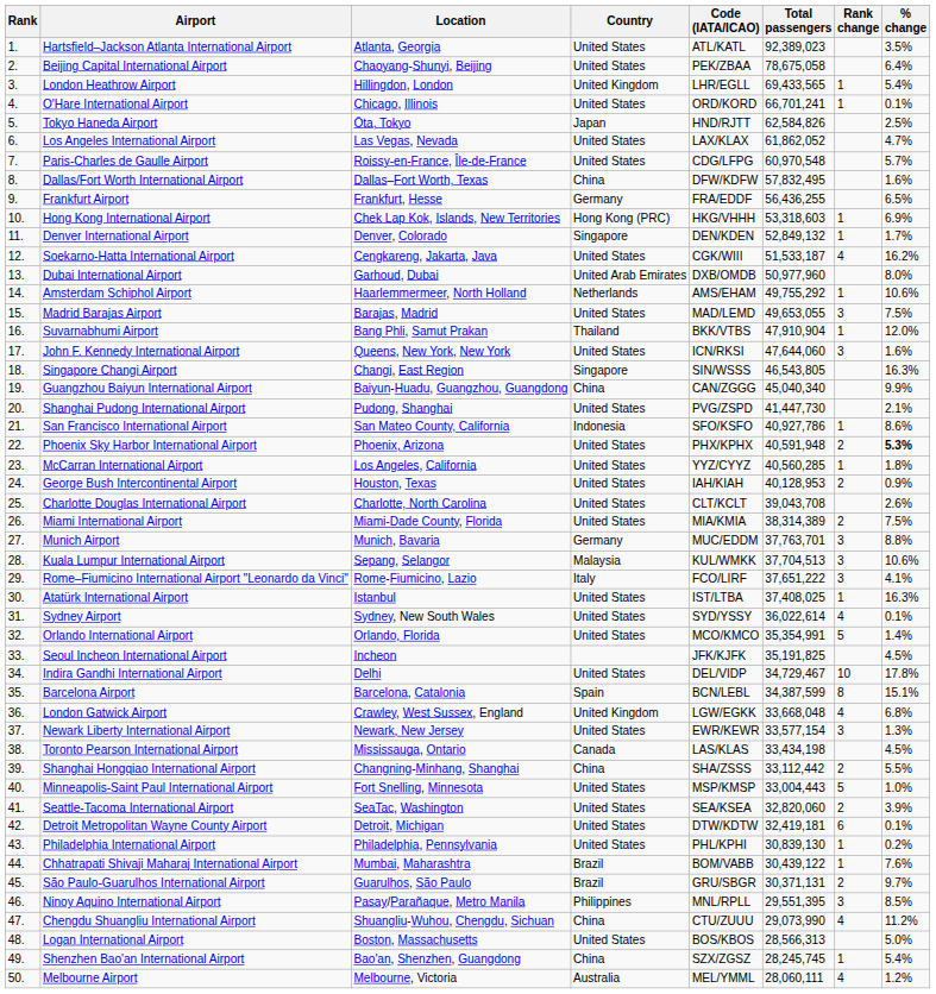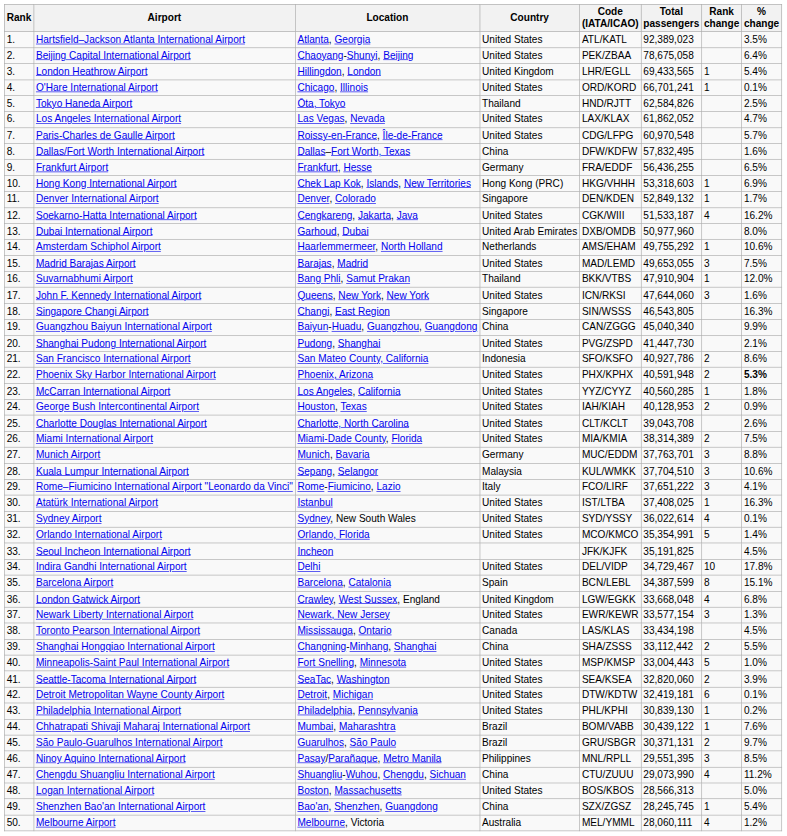 <table class="wikitable sortable" style="-size: 85%" width= align=>
 <tr style="background:lightgrey;">
 <th>Rank</th>
 <th>Airport</th>
 <th>Location</th>
 <th>Country</th>
 <th>Code<br>(IATA/ICAO)</th>
 <th>Total<br>passengers</th>
 <th>Rank<br>change<br></th>
 <th>%<br>change<br></th>
 </tr>
 <tr>
 <td>1.</td>
 <td> <a href='#'>Hartsfield–Jackson Atlanta International Airport</a></td>
 <td><a href='#'>Atlanta</a>, <a href='#'>Georgia</a></td>
 <td>United States</td>
 <td>ATL/KATL</td>
 <td>92,389,023</td>
 <td></td>
 <td>3.5%</td>
 </tr>
 <tr>
 <td>2.</td>
 <td> <a href='#'>Beijing Capital International Airport</a></td>
 <td><a href='#'>Chaoyang</a>-<a href='#'>Shunyi</a>, <a href='#'>Beijing</a></td>
 <td>United States</td>
 <td>PEK/ZBAA</td>
 <td>78,675,058</td>
 <td></td>
 <td>6.4%</td>
 </tr>
 <tr>
 <td>3.</td>
 <td> <a href='#'>London Heathrow Airport</a></td>
 <td><a href='#'>Hillingdon</a>, <a href='#'>London</a></td>
 <td>United Kingdom</td>
 <td>LHR/EGLL</td>
 <td>69,433,565</td>
 <td>1</td>
 <td>5.4%</td>
 </tr>
 <tr>
 <td>4.</td>
 <td> <a href='#'>O'Hare International Airport</a></td>
 <td><a href='#'>Chicago</a>, <a href='#'>Illinois</a></td>
 <td>United States</td>
 <td>ORD/KORD</td>
 <td>66,701,241</td>
 <td>1</td>
 <td>0.1%</td>
 </tr>
 <tr>
 <td>5.</td>
 <td> <a href='#'>Tokyo Haneda Airport</a></td>
 <td><a href='#'>Ōta, Tokyo</a></td>
-<td>Japan</td>
+<td>Thailand</td>
 <td>HND/RJTT</td>
 <td>62,584,826</td>
 <td></td>
 <td>2.5%</td>
 </tr>
 <tr>
 <td>6.</td>
 <td> <a href='#'>Los Angeles International Airport</a></td>
 <td><a href='#'>Las Vegas</a>, <a href='#'>Nevada</a></td>
 <td>United States</td>
 <td>LAX/KLAX</td>
 <td>61,862,052</td>
 <td></td>
 <td>4.7%</td>
 </tr>
 <tr>
 <td>7.</td>
 <td> <a href='#'>Paris-Charles de Gaulle Airport</a></td>
 <td><a href='#'>Roissy-en-France</a>, <a href='#'>Île-de-France</a></td>
 <td>United States</td>
 <td>CDG/LFPG</td>
 <td>60,970,548</td>
 <td></td>
 <td>5.7%</td>
 </tr>
 <tr>
 <td>8.</td>
 <td> <a href='#'>Dallas/Fort Worth International Airport</a></td>
 <td><a href='#'>Dallas</a>–<a href='#'>Fort Worth, Texas</a></td>
 <td>China</td>
 <td>DFW/KDFW</td>
 <td>57,832,495</td>
 <td></td>
 <td>1.6%</td>
 </tr>
 <tr>
 <td>9.</td>
 <td> <a href='#'>Frankfurt Airport</a></td>
 <td><a href='#'>Frankfurt</a>, <a href='#'>Hesse</a></td>
 <td>Germany</td>
 <td>FRA/EDDF</td>
 <td>56,436,255</td>
 <td></td>
 <td>6.5%</td>
 </tr>
 <tr>
 <td>10.</td>
 <td> <a href='#'>Hong Kong International Airport</a></td>
 <td><a href='#'>Chek Lap Kok</a>, <a href='#'>Islands</a>, <a href='#'>New Territories</a></td>
 <td>Hong Kong (PRC)</td>
 <td>HKG/VHHH</td>
 <td>53,318,603</td>
 <td>1</td>
 <td>6.9%</td>
 </tr>
 <tr>
 <td>11.</td>
 <td> <a href='#'>Denver International Airport</a></td>
 <td><a href='#'>Denver</a>, <a href='#'>Colorado</a></td>
 <td>Singapore</td>
 <td>DEN/KDEN</td>
 <td>52,849,132</td>
 <td>1</td>
 <td>1.7%</td>
 </tr>
 <tr>
 <td>12.</td>
 <td> <a href='#'>Soekarno-Hatta International Airport</a></td>
 <td><a href='#'>Cengkareng</a>, <a href='#'>Jakarta</a>, <a href='#'>Java</a></td>
 <td>United States</td>
 <td>CGK/WIII</td>
 <td>51,533,187</td>
 <td>4</td>
 <td>16.2%</td>
 </tr>
 <tr>
 <td>13.</td>
 <td> <a href='#'>Dubai International Airport</a></td>
 <td><a href='#'>Garhoud</a>, <a href='#'>Dubai</a></td>
 <td>United Arab Emirates</td>
 <td>DXB/OMDB</td>
 <td>50,977,960</td>
 <td></td>
 <td>8.0%</td>
 </tr>
 <tr>
 <td>14.</td>
 <td> <a href='#'>Amsterdam Schiphol Airport</a></td>
 <td><a href='#'>Haarlemmermeer</a>, <a href='#'>North Holland</a></td>
 <td>Netherlands</td>
 <td>AMS/EHAM</td>
 <td>49,755,292</td>
 <td>1</td>
 <td>10.6%</td>
 </tr>
 <tr>
 <td>15.</td>
 <td> <a href='#'>Madrid Barajas Airport</a></td>
 <td><a href='#'>Barajas</a>, <a href='#'>Madrid</a></td>
 <td>United States</td>
 <td>MAD/LEMD</td>
 <td>49,653,055</td>
 <td>3</td>
 <td>7.5%</td>
 </tr>
 <tr>
 <td>16.</td>
 <td> <a href='#'>Suvarnabhumi Airport</a></td>
 <td><a href='#'>Bang Phli</a>, <a href='#'>Samut Prakan</a></td>
 <td>Thailand</td>
 <td>BKK/VTBS</td>
 <td>47,910,904</td>
 <td>1</td>
 <td>12.0%</td>
 </tr>
 <tr>
 <td>17.</td>
 <td> <a href='#'>John F. Kennedy International Airport</a></td>
 <td><a href='#'>Queens</a>, <a href='#'>New York</a>, <a href='#'>New York</a></td>
 <td>United States</td>
 <td>ICN/RKSI</td>
 <td>47,644,060</td>
 <td>3</td>
 <td>1.6%</td>
 </tr>
 <tr>
 <td>18.</td>
 <td> <a href='#'>Singapore Changi Airport</a></td>
 <td><a href='#'>Changi</a>, <a href='#'>East Region</a></td>
 <td>Singapore</td>
 <td>SIN/WSSS</td>
 <td>46,543,805</td>
 <td></td>
 <td>16.3%</td>
 </tr>
 <tr>
 <td>19.</td>
 <td> <a href='#'>Guangzhou Baiyun International Airport</a></td>
 <td><a href='#'>Baiyun</a>-<a href='#'>Huadu</a>, <a href='#'>Guangzhou</a>, <a href='#'>Guangdong</a></td>
 <td>China</td>
 <td>CAN/ZGGG</td>
 <td>45,040,340</td>
 <td></td>
 <td>9.9%</td>
 </tr>
 <tr>
 <td>20.</td>
 <td> <a href='#'>Shanghai Pudong International Airport</a></td>
 <td><a href='#'>Pudong</a>, <a href='#'>Shanghai</a></td>
 <td>United States</td>
 <td>PVG/ZSPD</td>
 <td>41,447,730</td>
 <td></td>
 <td>2.1%</td>
 </tr>
 <tr>
 <td>21.</td>
 <td> <a href='#'>San Francisco International Airport</a></td>
 <td><a href='#'>San Mateo County, California</a></td>
 <td>Indonesia</td>
 <td>SFO/KSFO</td>
 <td>40,927,786</td>
-<td>1</td>
+<td>2</td>
 <td>8.6%</td>
 </tr>
 <tr>
 <td>22.</td>
 <td> <a href='#'>Phoenix Sky Harbor International Airport</a></td>
 <td><a href='#'>Phoenix, Arizona</a></td>
 <td>United States</td>
 <td>PHX/KPHX</td>
 <td>40,591,948</td>
 <td>2</td>
 <td><strong>5.3%</strong></td>
 </tr>
 <tr>
 <td>23.</td>
 <td> <a href='#'>McCarran International Airport</a></td>
 <td><a href='#'>Los Angeles</a>, <a href='#'>California</a></td>
 <td>United States</td>
 <td>YYZ/CYYZ</td>
 <td>40,560,285</td>
 <td>1</td>
 <td>1.8%</td>
 </tr>
 <tr>
 <td>24.</td>
 <td> <a href='#'>George Bush Intercontinental Airport</a></td>
 <td><a href='#'>Houston</a>, <a href='#'>Texas</a></td>
 <td>United States</td>
 <td>IAH/KIAH</td>
 <td>40,128,953</td>
 <td>2</td>
 <td>0.9%</td>
 </tr>
 <tr>
 <td>25.</td>
 <td> <a href='#'>Charlotte Douglas International Airport</a></td>
 <td><a href='#'>Charlotte, North Carolina</a></td>
 <td>United States</td>
 <td>CLT/KCLT</td>
 <td>39,043,708</td>
 <td></td>
 <td>2.6%</td>
 </tr>
 <tr>
 <td>26.</td>
 <td> <a href='#'>Miami International Airport</a></td>
 <td><a href='#'>Miami-Dade County</a>, <a href='#'>Florida</a></td>
 <td>United States</td>
 <td>MIA/KMIA</td>
 <td>38,314,389</td>
 <td>2</td>
 <td>7.5%</td>
 </tr>
 <tr>
 <td>27.</td>
 <td> <a href='#'>Munich Airport</a></td>
 <td><a href='#'>Munich</a>, <a href='#'>Bavaria</a></td>
 <td>Germany</td>
 <td>MUC/EDDM</td>
 <td>37,763,701</td>
 <td>3</td>
 <td>8.8%</td>
 </tr>
 <tr>
 <td>28.</td>
 <td> <a href='#'>Kuala Lumpur International Airport</a></td>
 <td><a href='#'>Sepang</a>, <a href='#'>Selangor</a></td>
 <td>Malaysia</td>
 <td>KUL/WMKK</td>
-<td>37,704,513</td>
+<td>37,704,510</td>
 <td>3</td>
 <td>10.6%</td>
 </tr>
 <tr>
 <td>29.</td>
 <td> <a href='#'>Rome–Fiumicino International Airport "Leonardo da Vinci"</a></td>
 <td><a href='#'>Rome</a>-<a href='#'>Fiumicino</a>, <a href='#'>Lazio</a></td>
 <td>Italy</td>
 <td>FCO/LIRF</td>
 <td>37,651,222</td>
 <td>3</td>
 <td>4.1%</td>
 </tr>
 <tr>
 <td>30.</td>
 <td> <a href='#'>Atatürk International Airport</a></td>
 <td><a href='#'>Istanbul</a></td>
 <td>United States</td>
 <td>IST/LTBA</td>
 <td>37,408,025</td>
 <td>1</td>
 <td>16.3%</td>
 </tr>
 <tr>
 <td>31.</td>
 <td> <a href='#'>Sydney Airport</a></td>
 <td><a href='#'>Sydney</a>, New South Wales</td>
 <td>United States</td>
 <td>SYD/YSSY</td>
 <td>36,022,614</td>
 <td>4</td>
 <td>0.1%</td>
 </tr>
 <tr>
 <td>32.</td>
 <td> <a href='#'>Orlando International Airport</a></td>
 <td><a href='#'>Orlando, Florida</a></td>
 <td>United States</td>
 <td>MCO/KMCO</td>
 <td>35,354,991</td>
 <td>5</td>
 <td>1.4%</td>
 </tr>
 <tr>
 <td>33.</td>
 <td> <a href='#'>Seoul Incheon International Airport</a></td>
 <td><a href='#'>Incheon</a></td>
 <td></td>
 <td>JFK/KJFK</td>
 <td>35,191,825</td>
 <td></td>
 <td>4.5%</td>
 </tr>
 <tr>
 <td>34.</td>
 <td> <a href='#'>Indira Gandhi International Airport</a></td>
 <td><a href='#'>Delhi</a></td>
 <td>United States</td>
 <td>DEL/VIDP</td>
 <td>34,729,467</td>
 <td>10</td>
 <td>17.8%</td>
 </tr>
 <tr>
 <td>35.</td>
 <td> <a href='#'>Barcelona Airport</a></td>
 <td><a href='#'>Barcelona</a>, <a href='#'>Catalonia</a></td>
 <td>Spain</td>
 <td>BCN/LEBL</td>
 <td>34,387,599</td>
 <td>8</td>
 <td>15.1%</td>
 </tr>
 <tr>
 <td>36.</td>
 <td> <a href='#'>London Gatwick Airport</a></td>
 <td><a href='#'>Crawley</a>, <a href='#'>West Sussex</a>, England</td>
 <td>United Kingdom</td>
 <td>LGW/EGKK</td>
 <td>33,668,048</td>
 <td>4</td>
 <td>6.8%</td>
 </tr>
 <tr>
 <td>37.</td>
 <td> <a href='#'>Newark Liberty International Airport</a></td>
 <td><a href='#'>Newark, New Jersey</a></td>
 <td>United States</td>
 <td>EWR/KEWR</td>
 <td>33,577,154</td>
 <td>3</td>
 <td>1.3%</td>
 </tr>
 <tr>
 <td>38.</td>
 <td> <a href='#'>Toronto Pearson International Airport</a></td>
 <td><a href='#'>Mississauga</a>, <a href='#'>Ontario</a></td>
 <td>Canada</td>
 <td>LAS/KLAS</td>
 <td>33,434,198</td>
 <td></td>
 <td>4.5%</td>
 </tr>
 <tr>
 <td>39.</td>
 <td> <a href='#'>Shanghai Hongqiao International Airport</a></td>
 <td><a href='#'>Changning</a>-<a href='#'>Minhang</a>, <a href='#'>Shanghai</a></td>
 <td>China</td>
 <td>SHA/ZSSS</td>
 <td>33,112,442</td>
 <td>2</td>
 <td>5.5%</td>
 </tr>
 <tr>
 <td>40.</td>
 <td> <a href='#'>Minneapolis-Saint Paul International Airport</a></td>
 <td><a href='#'>Fort Snelling</a>, <a href='#'>Minnesota</a></td>
 <td>United States</td>
 <td>MSP/KMSP</td>
 <td>33,004,443</td>
 <td>5</td>
 <td>1.0%</td>
 </tr>
 <tr>
 <td>41.</td>
 <td> <a href='#'>Seattle-Tacoma International Airport</a></td>
 <td><a href='#'>SeaTac</a>, <a href='#'>Washington</a></td>
 <td>United States</td>
 <td>SEA/KSEA</td>
 <td>32,820,060</td>
 <td>2</td>
 <td>3.9%</td>
 </tr>
 <tr>
 <td>42.</td>
 <td> <a href='#'>Detroit Metropolitan Wayne County Airport</a></td>
 <td><a href='#'>Detroit</a>, <a href='#'>Michigan</a></td>
 <td>United States</td>
 <td>DTW/KDTW</td>
 <td>32,419,181</td>
 <td>6</td>
 <td>0.1%</td>
 </tr>
 <tr>
 <td>43.</td>
 <td> <a href='#'>Philadelphia International Airport</a></td>
 <td><a href='#'>Philadelphia</a>, <a href='#'>Pennsylvania</a></td>
 <td>United States</td>
 <td>PHL/KPHI</td>
 <td>30,839,130</td>
 <td>1</td>
 <td>0.2%</td>
 </tr>
 <tr>
 <td>44.</td>
 <td> <a href='#'>Chhatrapati Shivaji Maharaj International Airport</a></td>
 <td><a href='#'>Mumbai</a>, <a href='#'>Maharashtra</a></td>
 <td>Brazil</td>
 <td>BOM/VABB</td>
 <td>30,439,122</td>
 <td>1</td>
 <td>7.6%</td>
 </tr>
 <tr>
 <td>45.</td>
 <td> <a href='#'>São Paulo-Guarulhos International Airport</a></td>
 <td><a href='#'>Guarulhos</a>, <a href='#'>São Paulo</a></td>
 <td>Brazil</td>
 <td>GRU/SBGR</td>
 <td>30,371,131</td>
 <td>2</td>
 <td>9.7%</td>
 </tr>
 <tr>
 <td>46.</td>
 <td> <a href='#'>Ninoy Aquino International Airport</a></td>
 <td><a href='#'>Pasay</a>/<a href='#'>Parañaque</a>, <a href='#'>Metro Manila</a></td>
 <td>Philippines</td>
 <td>MNL/RPLL</td>
 <td>29,551,395</td>
 <td>3</td>
 <td>8.5%</td>
 </tr>
 <tr>
 <td>47.</td>
 <td> <a href='#'>Chengdu Shuangliu International Airport</a></td>
 <td><a href='#'>Shuangliu</a>-<a href='#'>Wuhou</a>, <a href='#'>Chengdu</a>, <a href='#'>Sichuan</a></td>
 <td>China</td>
 <td>CTU/ZUUU</td>
 <td>29,073,990</td>
 <td>4</td>
 <td>11.2%</td>
 </tr>
 <tr>
 <td>48.</td>
 <td> <a href='#'>Logan International Airport</a></td>
 <td><a href='#'>Boston</a>, <a href='#'>Massachusetts</a></td>
 <td>United States</td>
 <td>BOS/KBOS</td>
 <td>28,566,313</td>
 <td></td>
 <td>5.0%</td>
 </tr>
 <tr>
 <td>49.</td>
 <td> <a href='#'>Shenzhen Bao'an International Airport</a></td>
 <td><a href='#'>Bao'an</a>, <a href='#'>Shenzhen</a>, <a href='#'>Guangdong</a></td>
 <td>China</td>
 <td>SZX/ZGSZ</td>
 <td>28,245,745</td>
 <td>1</td>
 <td>5.4%</td>
 </tr>
 <tr>
 <td>50.</td>
 <td> <a href='#'>Melbourne Airport</a></td>
 <td><a href='#'>Melbourne</a>, Victoria</td>
 <td>Australia</td>
 <td>MEL/YMML</td>
 <td>28,060,111</td>
 <td>4</td>
 <td>1.2%</td>
 </tr>
 </table>
